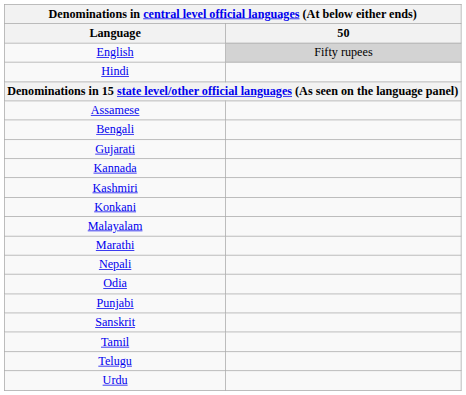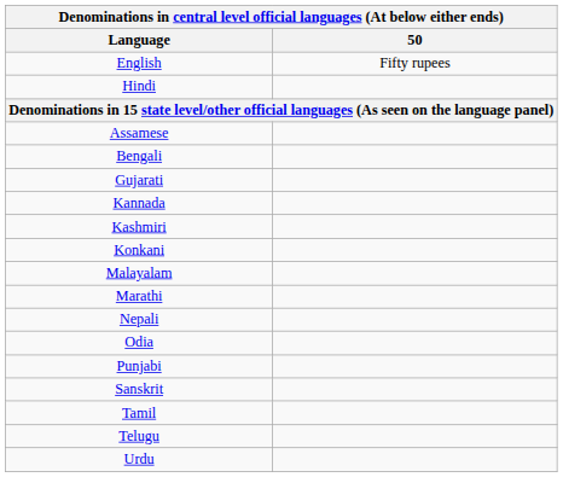 <table class="wikitable" style="text-align:center">
 <tr>
 <th colspan="2">Denominations in <a href='#'>central level official languages</a> (At below either ends)</th>
 </tr>
 <tr>
 <th>Language</th>
 <th>50</th>
 </tr>
 <tr>
 <td><a href='#'>English</a></td>
-<td style="background: lightgrey;">Fifty rupees</td>
+<td>Fifty rupees</td>
 </tr>
 <tr>
 <td><a href='#'>Hindi</a></td>
 <td></td>
 </tr>
 <tr>
 <th colspan="12">Denominations in 15 <a href='#'>state level/other official languages</a> (As seen on the language panel)</th>
 </tr>
 <tr>
 <td><a href='#'>Assamese</a></td>
 <td></td>
 </tr>
 <tr>
 <td><a href='#'>Bengali</a></td>
 <td></td>
 </tr>
 <tr>
 <td><a href='#'>Gujarati</a></td>
 <td></td>
 </tr>
 <tr>
 <td><a href='#'>Kannada</a></td>
 <td></td>
 </tr>
 <tr>
 <td><a href='#'>Kashmiri</a></td>
 <td></td>
 </tr>
 <tr>
 <td><a href='#'>Konkani</a></td>
 <td></td>
 </tr>
 <tr>
 <td><a href='#'>Malayalam</a></td>
 <td></td>
 </tr>
 <tr>
 <td><a href='#'>Marathi</a></td>
 <td></td>
 </tr>
 <tr>
 <td><a href='#'>Nepali</a></td>
 <td></td>
 </tr>
 <tr>
 <td><a href='#'>Odia</a></td>
 <td></td>
 </tr>
 <tr>
 <td><a href='#'>Punjabi</a></td>
 <td></td>
 </tr>
 <tr>
 <td><a href='#'>Sanskrit</a></td>
 <td></td>
 </tr>
 <tr>
 <td><a href='#'>Tamil</a></td>
 <td></td>
 </tr>
 <tr>
 <td><a href='#'>Telugu</a></td>
 <td></td>
 </tr>
 <tr>
 <td><a href='#'>Urdu</a></td>
 <td></td>
 </tr>
 </table>
